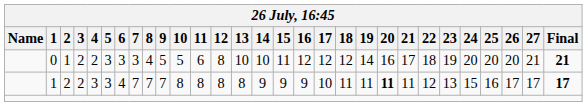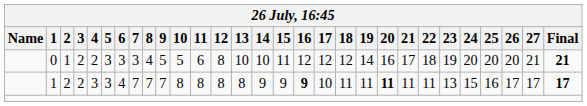 <table class=wikitable style="text-align:center; width: 55%">
 <tr>
 <th colspan=33><em>26 July, 16:45</em></th>
 </tr>
 <tr>
 <th>Name</th>
 <th>1</th>
 <th>2</th>
 <th>3</th>
 <th>4</th>
 <th>5</th>
 <th>6</th>
 <th>7</th>
 <th>8</th>
 <th>9</th>
 <th>10</th>
 <th>11</th>
 <th>12</th>
 <th>13</th>
 <th>14</th>
 <th>15</th>
 <th>16</th>
 <th>17</th>
 <th>18</th>
 <th>19</th>
 <th>20</th>
 <th>21</th>
 <th>22</th>
 <th>23</th>
 <th>24</th>
 <th>25</th>
 <th>26</th>
 <th>27</th>
 <th>Final</th>
 </tr>
 <tr>
 <td align=left><strong></strong></td>
 <td>0</td>
 <td>1</td>
 <td>2</td>
 <td>2</td>
 <td>3</td>
 <td>3</td>
 <td>3</td>
 <td>4</td>
 <td>5</td>
 <td>5</td>
 <td>6</td>
 <td>8</td>
 <td>10</td>
 <td>10</td>
 <td>11</td>
 <td>12</td>
 <td>12</td>
 <td>12</td>
 <td>14</td>
 <td>16</td>
 <td>17</td>
 <td>18</td>
 <td>19</td>
 <td>20</td>
 <td>20</td>
 <td>20</td>
 <td>21</td>
 <td><strong>21</strong></td>
 </tr>
 <tr>
 <td align=left></td>
 <td>1</td>
 <td>2</td>
 <td>2</td>
 <td>3</td>
 <td>3</td>
 <td>4</td>
 <td>7</td>
 <td>7</td>
 <td>7</td>
 <td>8</td>
 <td>8</td>
 <td>8</td>
 <td>8</td>
 <td>9</td>
 <td>9</td>
-<td>9</td>
+<td><strong>9</strong></td>
 <td>10</td>
 <td>11</td>
 <td>11</td>
 <td><strong>11</strong></td>
 <td>11</td>
-<td>12</td>
+<td>11</td>
 <td>13</td>
 <td>15</td>
 <td>16</td>
 <td>17</td>
 <td>17</td>
 <td><strong>17</strong></td>
 </tr>
 <tr>
 <td colspan=33></td>
 </tr>
 </table>
